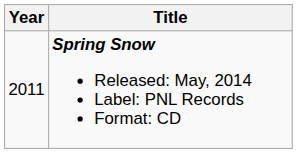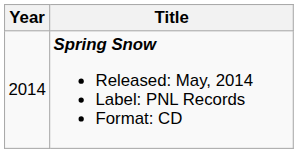 <table class="wikitable">
 <tr>
 <th>Year</th>
 <th style="width:225px;">Title</th>
 </tr>
 <tr>
-<td>2011</td>
+<td>2014</td>
 <td style="width:225px;"><strong><em>Spring Snow</em></strong><br><ul><li>Released: May, 2014</li><li>Label: PNL Records </li><li>Format: CD</li></ul></td>
 </tr>
 </table>
